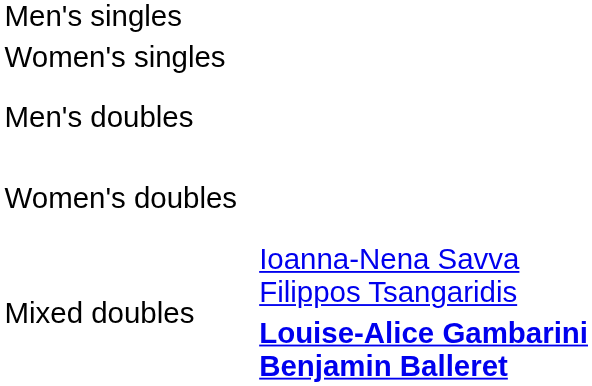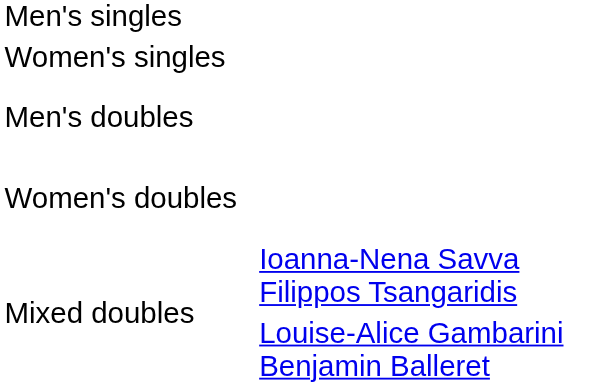 <table>
 <tr>
 <td rowspan=2>Men's singles<br></td>
 <td rowspan=2></td>
 <td rowspan=2></td>
 <td></td>
 </tr>
 <tr>
 <td></td>
 </tr>
 <tr>
 <td rowspan=2>Women's singles<br></td>
 <td rowspan=2></td>
 <td rowspan=2></td>
 <td></td>
 </tr>
 <tr>
 <td></td>
 </tr>
 <tr>
 <td rowspan=2>Men's doubles<br></td>
 <td rowspan=2><br></td>
 <td rowspan=2><br></td>
 <td><br></td>
 </tr>
 <tr>
 <td><br></td>
 </tr>
 <tr>
 <td rowspan=2>Women's doubles<br></td>
 <td rowspan=2><br></td>
 <td rowspan=2><br></td>
 <td><br></td>
 </tr>
 <tr>
 <td><br></td>
 </tr>
 <tr>
 <td rowspan=2>Mixed doubles<br></td>
 <td rowspan=2><br></td>
 <td rowspan=2><br></td>
 <td> <a href='#'>Ioanna-Nena Savva</a><br> <a href='#'>Filippos Tsangaridis</a></td>
 </tr>
 <tr>
-<td><strong> <a href='#'>Louise-Alice Gambarini</a><br> <a href='#'>Benjamin Balleret</a></strong></td>
+<td> <a href='#'>Louise-Alice Gambarini</a><br> <a href='#'>Benjamin Balleret</a></td>
 </tr>
 </table>
